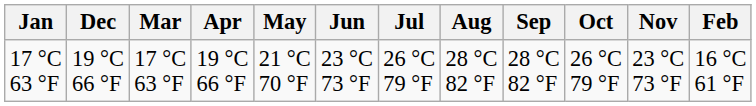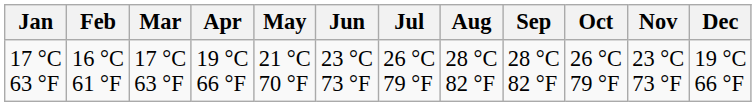 <table class="wikitable">
 <tr>
 <th><strong>Jan</strong></th>
-<th><strong>Dec</strong></th>
+<th><strong>Feb</strong></th>
 <th><strong>Mar</strong></th>
 <th><strong>Apr</strong></th>
 <th><strong>May</strong></th>
 <th><strong>Jun</strong></th>
 <th><strong>Jul</strong></th>
 <th><strong>Aug</strong></th>
 <th><strong>Sep</strong></th>
 <th><strong>Oct</strong></th>
 <th><strong>Nov</strong></th>
-<th><strong>Feb</strong></th>
+<th><strong>Dec</strong></th>
 </tr>
 <tr>
 <td>17 °C<br>63 °F</td>
-<td>19 °C<br>66 °F</td>
+<td>16 °C<br>61 °F</td>
 <td>17 °C<br>63 °F</td>
 <td>19 °C<br>66 °F</td>
 <td>21 °C<br>70 °F</td>
 <td>23 °C<br>73 °F</td>
 <td>26 °C<br>79 °F</td>
 <td>28 °C<br>82 °F</td>
 <td>28 °C<br>82 °F</td>
 <td>26 °C<br>79 °F</td>
 <td>23 °C<br>73 °F</td>
-<td>16 °C<br>61 °F</td>
+<td>19 °C<br>66 °F</td>
 </tr>
 </table>
